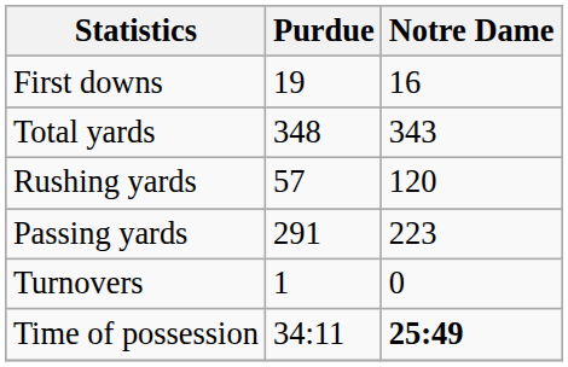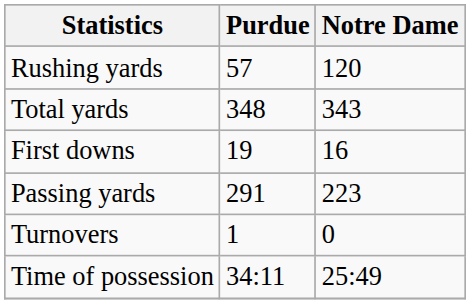 <table class="wikitable">
 <tr>
 <th>Statistics</th>
 <th>Purdue</th>
 <th>Notre Dame</th>
 </tr>
 <tr>
-<td>First downs</td>
-<td>19</td>
-<td>16</td>
+<td>Rushing yards</td>
+<td>57</td>
+<td>120</td>
 </tr>
 <tr>
 <td>Total yards</td>
 <td>348</td>
 <td>343</td>
 </tr>
 <tr>
-<td>Rushing yards</td>
-<td>57</td>
-<td>120</td>
+<td>First downs</td>
+<td>19</td>
+<td>16</td>
 </tr>
 <tr>
 <td>Passing yards</td>
 <td>291</td>
 <td>223</td>
 </tr>
 <tr>
 <td>Turnovers</td>
 <td>1</td>
 <td>0</td>
 </tr>
 <tr>
 <td>Time of possession</td>
 <td>34:11</td>
-<td><strong>25:49</strong></td>
+<td>25:49</td>
 </tr>
 <tr>
 </tr>
 </table>
